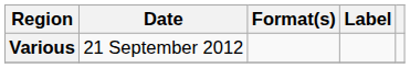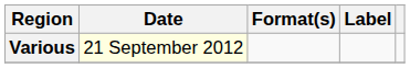 <table class="wikitable plainrowheaders" style="text-align:center;">
 <tr>
 <th scope="col">Region</th>
 <th scope="col">Date</th>
 <th scope="col">Format(s)</th>
 <th scope="col">Label</th>
 <th scope="col"></th>
 </tr>
 <tr>
 <th scope="row">Various</th>
-<td>21 September 2012</td>
+<td style="background: lightyellow;">21 September 2012</td>
 <td></td>
 <td></td>
 <td></td>
 </tr>
 <tr>
 </tr>
 </table>
